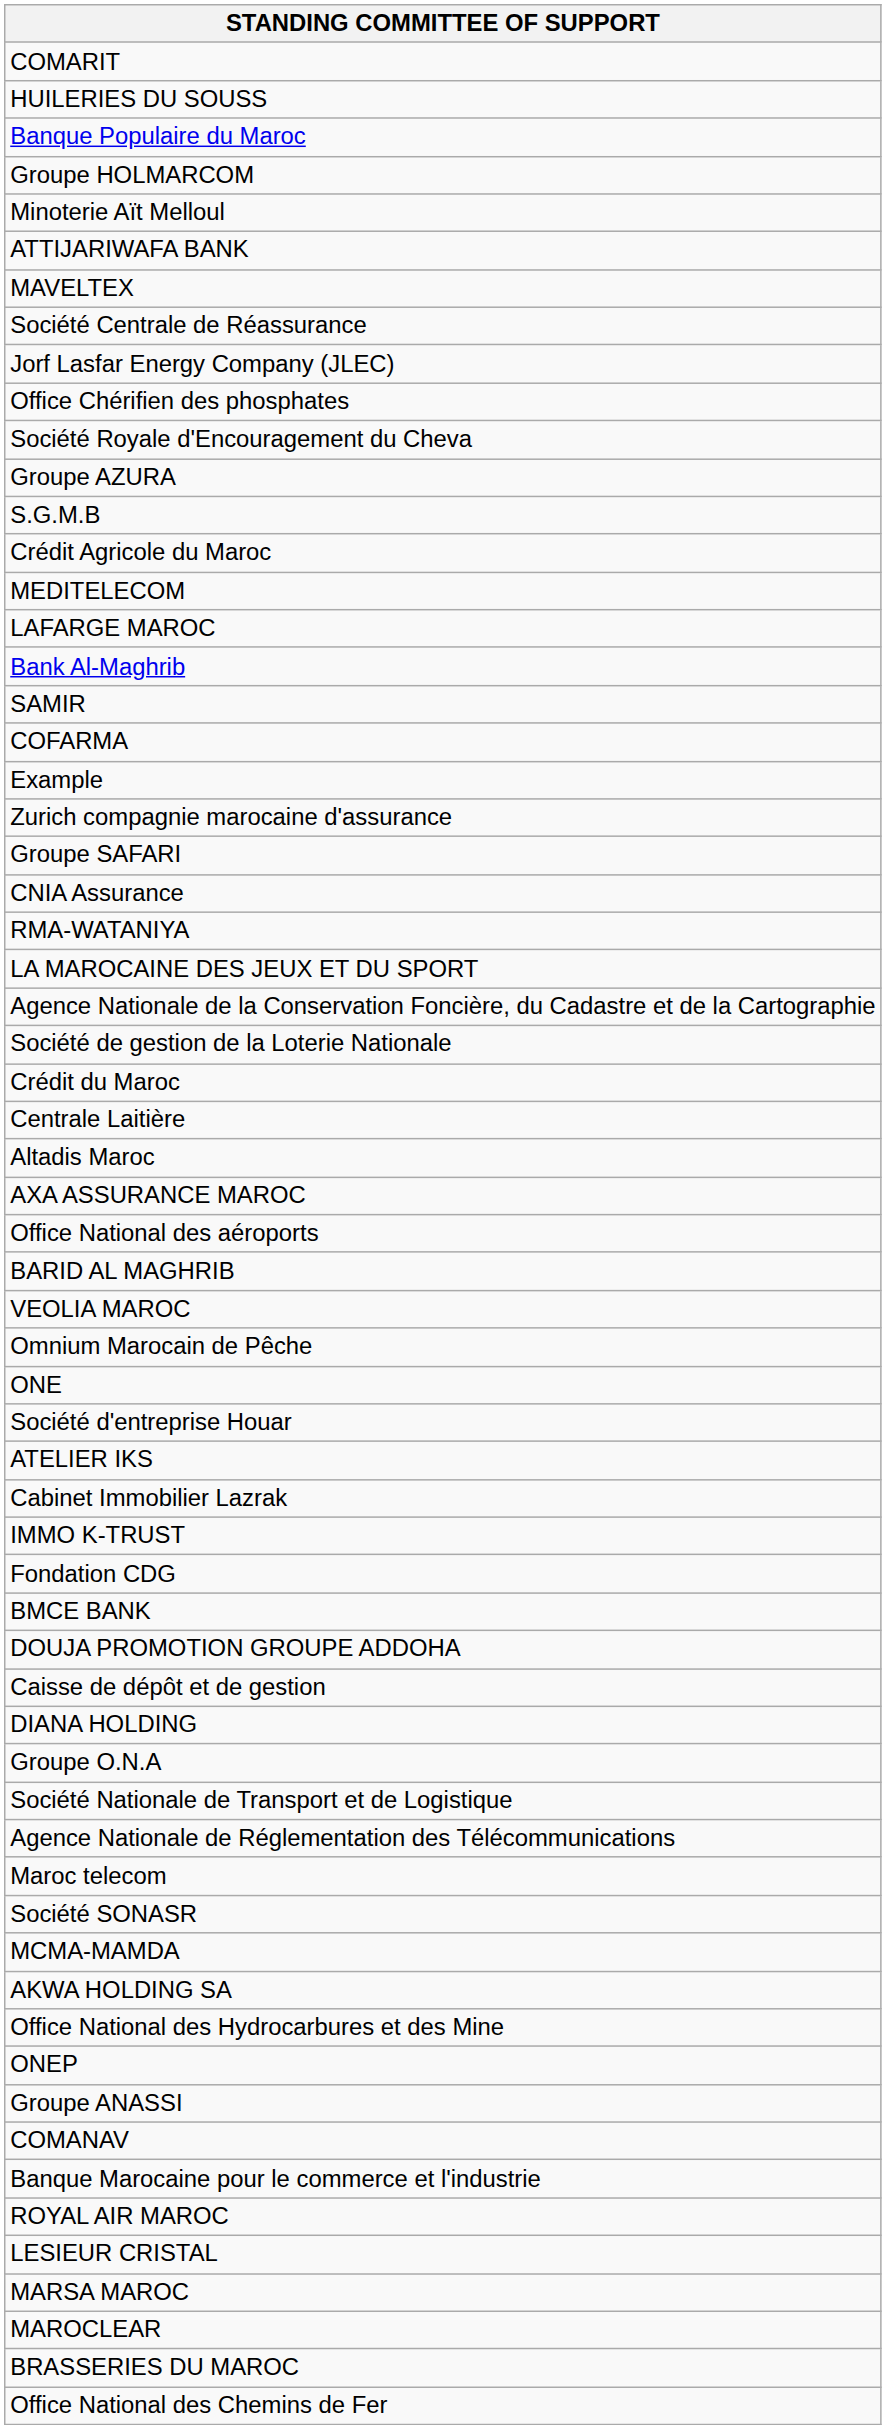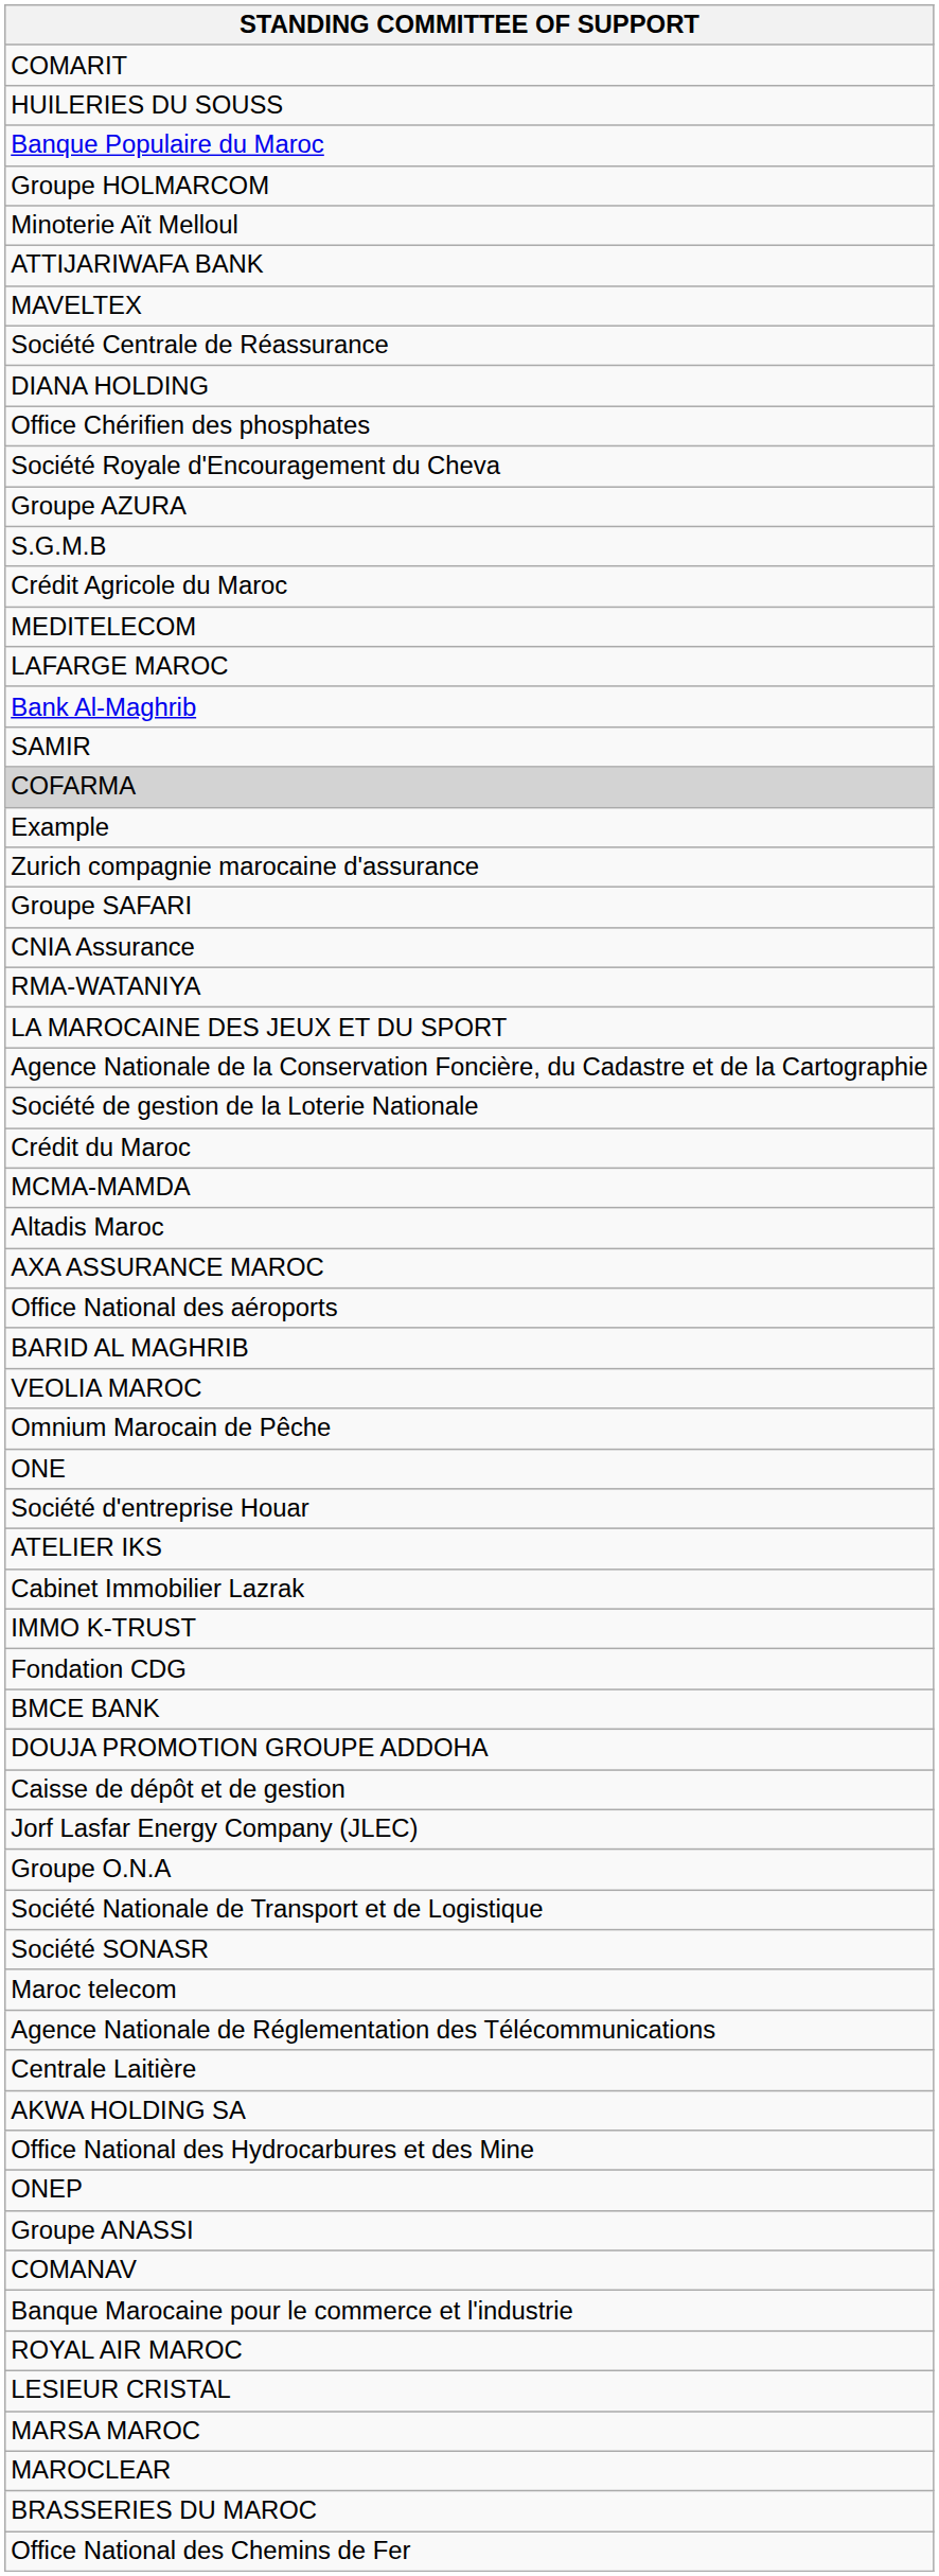 <table class="wikitable">
 <tr>
 <th>STANDING COMMITTEE OF SUPPORT</th>
 </tr>
 <tr>
 <td>COMARIT</td>
 </tr>
 <tr>
 <td>HUILERIES DU SOUSS</td>
 </tr>
 <tr>
 <td><a href='#'>Banque Populaire du Maroc</a></td>
 </tr>
 <tr>
 <td>Groupe HOLMARCOM</td>
 </tr>
 <tr>
 <td>Minoterie Aït Melloul</td>
 </tr>
 <tr>
 <td>ATTIJARIWAFA BANK</td>
 </tr>
 <tr>
 <td>MAVELTEX</td>
 </tr>
 <tr>
 <td>Société Centrale de Réassurance</td>
 </tr>
 <tr>
-<td>Jorf Lasfar Energy Company (JLEC)</td>
+<td>DIANA HOLDING</td>
 </tr>
 <tr>
 <td>Office Chérifien des phosphates</td>
 </tr>
 <tr>
 <td>Société Royale d'Encouragement du Cheva</td>
 </tr>
 <tr>
 <td>Groupe AZURA</td>
 </tr>
 <tr>
 <td>S.G.M.B</td>
 </tr>
 <tr>
 <td>Crédit Agricole du Maroc</td>
 </tr>
 <tr>
 <td>MEDITELECOM</td>
 </tr>
 <tr>
 <td>LAFARGE MAROC</td>
 </tr>
 <tr>
 <td><a href='#'>Bank Al-Maghrib</a></td>
 </tr>
 <tr>
 <td>SAMIR</td>
 </tr>
 <tr>
-<td>COFARMA</td>
+<td style="background: lightgrey;">COFARMA</td>
 </tr>
 <tr>
 <td>Example</td>
 </tr>
 <tr>
 <td>Zurich compagnie marocaine d'assurance</td>
 </tr>
 <tr>
 <td>Groupe SAFARI</td>
 </tr>
 <tr>
 <td>CNIA Assurance</td>
 </tr>
 <tr>
 <td>RMA-WATANIYA</td>
 </tr>
 <tr>
 <td>LA MAROCAINE DES JEUX ET DU SPORT</td>
 </tr>
 <tr>
 <td>Agence Nationale de la Conservation Foncière, du Cadastre et de la Cartographie</td>
 </tr>
 <tr>
 <td>Société de gestion de la Loterie Nationale</td>
 </tr>
 <tr>
 <td>Crédit du Maroc</td>
 </tr>
 <tr>
-<td>Centrale Laitière</td>
+<td>MCMA-MAMDA</td>
 </tr>
 <tr>
 <td>Altadis Maroc</td>
 </tr>
 <tr>
 <td>AXA ASSURANCE MAROC</td>
 </tr>
 <tr>
 <td>Office National des aéroports</td>
 </tr>
 <tr>
 <td>BARID AL MAGHRIB</td>
 </tr>
 <tr>
 <td>VEOLIA MAROC</td>
 </tr>
 <tr>
 <td>Omnium Marocain de Pêche</td>
 </tr>
 <tr>
 <td>ONE</td>
 </tr>
 <tr>
 <td>Société d'entreprise Houar</td>
 </tr>
 <tr>
 <td>ATELIER IKS</td>
 </tr>
 <tr>
 <td>Cabinet Immobilier Lazrak</td>
 </tr>
 <tr>
 <td>IMMO K-TRUST</td>
 </tr>
 <tr>
 <td>Fondation CDG</td>
 </tr>
 <tr>
 <td>BMCE BANK</td>
 </tr>
 <tr>
 <td>DOUJA PROMOTION GROUPE ADDOHA</td>
 </tr>
 <tr>
 <td>Caisse de dépôt et de gestion</td>
 </tr>
 <tr>
-<td>DIANA HOLDING</td>
+<td>Jorf Lasfar Energy Company (JLEC)</td>
 </tr>
 <tr>
 <td>Groupe O.N.A</td>
 </tr>
 <tr>
 <td>Société Nationale de Transport et de Logistique</td>
 </tr>
 <tr>
-<td>Agence Nationale de Réglementation des Télécommunications</td>
+<td>Société SONASR</td>
 </tr>
 <tr>
 <td>Maroc telecom</td>
 </tr>
 <tr>
-<td>Société SONASR</td>
+<td>Agence Nationale de Réglementation des Télécommunications</td>
 </tr>
 <tr>
-<td>MCMA-MAMDA</td>
+<td>Centrale Laitière</td>
 </tr>
 <tr>
 <td>AKWA HOLDING SA</td>
 </tr>
 <tr>
 <td>Office National des Hydrocarbures et des Mine</td>
 </tr>
 <tr>
 <td>ONEP</td>
 </tr>
 <tr>
 <td>Groupe ANASSI</td>
 </tr>
 <tr>
 <td>COMANAV</td>
 </tr>
 <tr>
 <td>Banque Marocaine pour le commerce et l'industrie</td>
 </tr>
 <tr>
 <td>ROYAL AIR MAROC</td>
 </tr>
 <tr>
 <td>LESIEUR CRISTAL</td>
 </tr>
 <tr>
 <td>MARSA MAROC</td>
 </tr>
 <tr>
 <td>MAROCLEAR</td>
 </tr>
 <tr>
 <td>BRASSERIES DU MAROC</td>
 </tr>
 <tr>
 <td>Office National des Chemins de Fer</td>
 </tr>
 </table>
